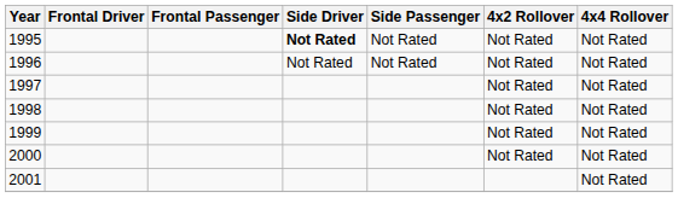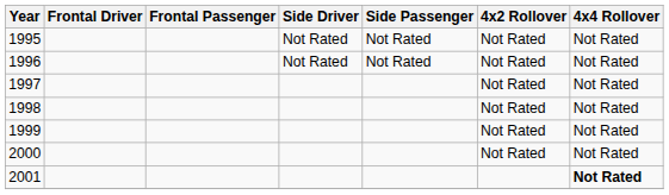 <table class="wikitable">
 <tr>
 <th>Year</th>
 <th>Frontal Driver</th>
 <th>Frontal Passenger</th>
 <th>Side Driver</th>
 <th>Side Passenger</th>
 <th>4x2 Rollover</th>
 <th>4x4 Rollover</th>
 </tr>
 <tr>
 <td>1995</td>
 <td></td>
 <td></td>
-<td><strong>Not Rated</strong></td>
+<td>Not Rated</td>
 <td>Not Rated</td>
 <td>Not Rated</td>
 <td>Not Rated</td>
 </tr>
 <tr>
 <td>1996</td>
 <td></td>
 <td></td>
 <td>Not Rated</td>
 <td>Not Rated</td>
 <td>Not Rated</td>
 <td>Not Rated</td>
 </tr>
 <tr>
 <td>1997</td>
 <td></td>
 <td></td>
 <td></td>
 <td></td>
 <td>Not Rated</td>
 <td>Not Rated</td>
 </tr>
 <tr>
 <td>1998</td>
 <td></td>
 <td></td>
 <td></td>
 <td></td>
 <td>Not Rated</td>
 <td>Not Rated</td>
 </tr>
 <tr>
 <td>1999</td>
 <td></td>
 <td></td>
 <td></td>
 <td></td>
 <td>Not Rated</td>
 <td>Not Rated</td>
 </tr>
 <tr>
 <td>2000</td>
 <td></td>
 <td></td>
 <td></td>
 <td></td>
 <td>Not Rated</td>
 <td>Not Rated</td>
 </tr>
 <tr>
 <td>2001</td>
 <td></td>
 <td></td>
 <td></td>
 <td></td>
 <td></td>
-<td>Not Rated</td>
+<td><strong>Not Rated</strong></td>
 </tr>
 <tr>
 </tr>
 </table>
